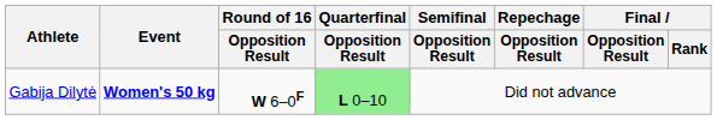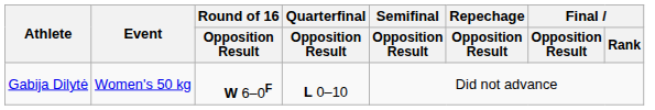 <table class="wikitable" style="font-size:90%">
 <tr>
 <th rowspan=2>Athlete</th>
 <th rowspan=2>Event</th>
 <th>Round of 16</th>
 <th>Quarterfinal</th>
 <th>Semifinal</th>
 <th>Repechage</th>
 <th colspan=2>Final / </th>
 </tr>
 <tr style="font-size: 95%">
 <th>Opposition<br>Result</th>
 <th>Opposition<br>Result</th>
 <th>Opposition<br>Result</th>
 <th>Opposition<br>Result</th>
 <th>Opposition<br>Result</th>
 <th>Rank</th>
 </tr>
 <tr align=center>
 <td align=left><a href='#'>Gabija Dilytė</a></td>
-<td align=left><strong><a href='#'>Women's 50 kg</a></strong></td>
+<td align=left><a href='#'>Women's 50 kg</a></td>
 <td><br><strong> </strong>    <strong>W</strong> 6–0<sup><strong>F</strong></sup></td>
-<td style="background: lightgreen;"><br><strong>L</strong> 0–10</td>
+<td><br><strong>L</strong> 0–10</td>
 <td colspan=4>Did not advance</td>
 </tr>
 </table>
